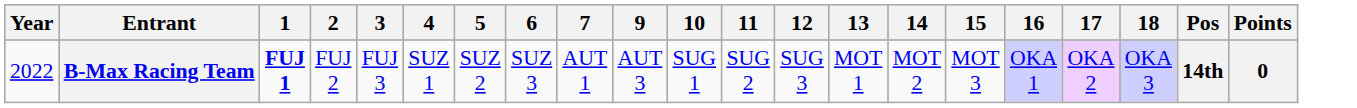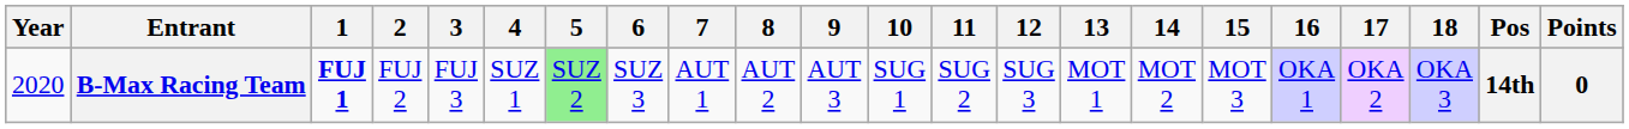 <table class="wikitable" style="text-align:center; font-size:85%">
 <tr>
 <th>Year</th>
 <th>Entrant</th>
 <th>1</th>
 <th>2</th>
 <th>3</th>
 <th>4</th>
 <th>5</th>
 <th>6</th>
 <th>7</th>
+<th>8</th>
 <th>9</th>
 <th>10</th>
 <th>11</th>
 <th>12</th>
 <th>13</th>
 <th>14</th>
 <th>15</th>
 <th>16</th>
 <th>17</th>
 <th>18</th>
 <th>Pos</th>
 <th>Points</th>
 </tr>
 <tr>
-<td><a href='#'>2022</a></td>
+<td><a href='#'>2020</a></td>
 <th nowrap><a href='#'>B-Max Racing Team</a></th>
 <td><strong><a href='#'>FUJ<br>1</a></strong></td>
 <td><a href='#'>FUJ<br>2</a></td>
 <td><a href='#'>FUJ<br>3</a></td>
 <td><a href='#'>SUZ<br>1</a></td>
-<td><a href='#'>SUZ<br>2</a></td>
+<td style="background: lightgreen;"><a href='#'>SUZ<br>2</a></td>
 <td><a href='#'>SUZ<br>3</a></td>
 <td><a href='#'>AUT<br>1</a></td>
+<td><a href='#'>AUT<br>2</a></td>
 <td><a href='#'>AUT<br>3</a></td>
 <td><a href='#'>SUG<br>1</a></td>
 <td><a href='#'>SUG<br>2</a></td>
 <td><a href='#'>SUG<br>3</a></td>
 <td><a href='#'>MOT<br>1</a></td>
 <td><a href='#'>MOT<br>2</a></td>
 <td><a href='#'>MOT<br>3</a></td>
 <td style="background:#CFCFFF"><a href='#'>OKA<br>1</a><br></td>
 <td style="background:#EFCFFF"><a href='#'>OKA<br>2</a><br></td>
 <td style="background:#CFCFFF"><a href='#'>OKA<br>3</a><br></td>
 <th>14th</th>
 <th>0</th>
 </tr>
 </table>
